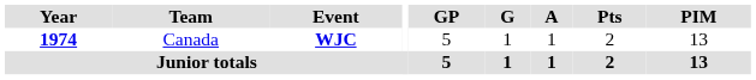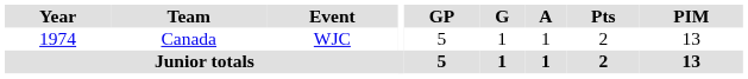 <table border="0" cellpadding="1" cellspacing="0" ID="Table3" style="text-align:center; width:40em">
 <tr bgcolor="#e0e0e0">
 <th>Year</th>
 <th>Team</th>
 <th>Event</th>
 <th rowspan="102" bgcolor="#ffffff"></th>
 <th>GP</th>
 <th>G</th>
 <th>A</th>
 <th>Pts</th>
 <th>PIM</th>
 </tr>
 <tr>
-<td><strong><a href='#'>1974</a></strong></td>
+<td><a href='#'>1974</a></td>
 <td><a href='#'>Canada</a></td>
-<td><strong><a href='#'>WJC</a></strong></td>
+<td><a href='#'>WJC</a></td>
 <td>5</td>
 <td>1</td>
 <td>1</td>
 <td>2</td>
 <td>13</td>
 </tr>
 <tr bgcolor="#e0e0e0">
 <th colspan="4">Junior totals</th>
 <th>5</th>
 <th>1</th>
 <th>1</th>
 <th>2</th>
 <th>13</th>
 </tr>
 </table>
